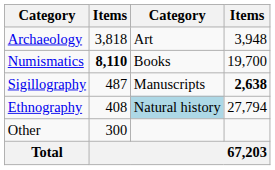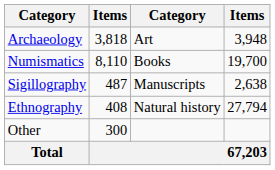 <table class="wikitable floatright">
 <tr>
 <th>Category</th>
 <th>Items</th>
 <th>Category</th>
 <th>Items</th>
 </tr>
 <tr>
 <td><a href='#'>Archaeology</a></td>
 <td style="text-align: right;">3,818</td>
 <td>Art</td>
 <td style="text-align: right;">3,948</td>
 </tr>
 <tr>
 <td><a href='#'>Numismatics</a></td>
-<td style="text-align: right;"><strong>8,110</strong></td>
+<td style="text-align: right;">8,110</td>
 <td>Books</td>
 <td style="text-align: right;">19,700</td>
 </tr>
 <tr>
 <td><a href='#'>Sigillography</a></td>
 <td style="text-align: right;">487</td>
 <td>Manuscripts</td>
-<td style="text-align: right;"><strong>2,638</strong></td>
+<td style="text-align: right;">2,638</td>
 </tr>
 <tr>
 <td><a href='#'>Ethnography</a></td>
 <td style="text-align: right;">408</td>
-<td style="background: lightblue;">Natural history</td>
+<td>Natural history</td>
 <td style="text-align: right;">27,794</td>
 </tr>
 <tr>
 <td>Other</td>
 <td style="text-align: right;">300</td>
 <td> </td>
 <td> </td>
 </tr>
 <tr>
 <th>Total</th>
 <th colspan=3 style="text-align: right;">67,203</th>
 </tr>
 </table>
